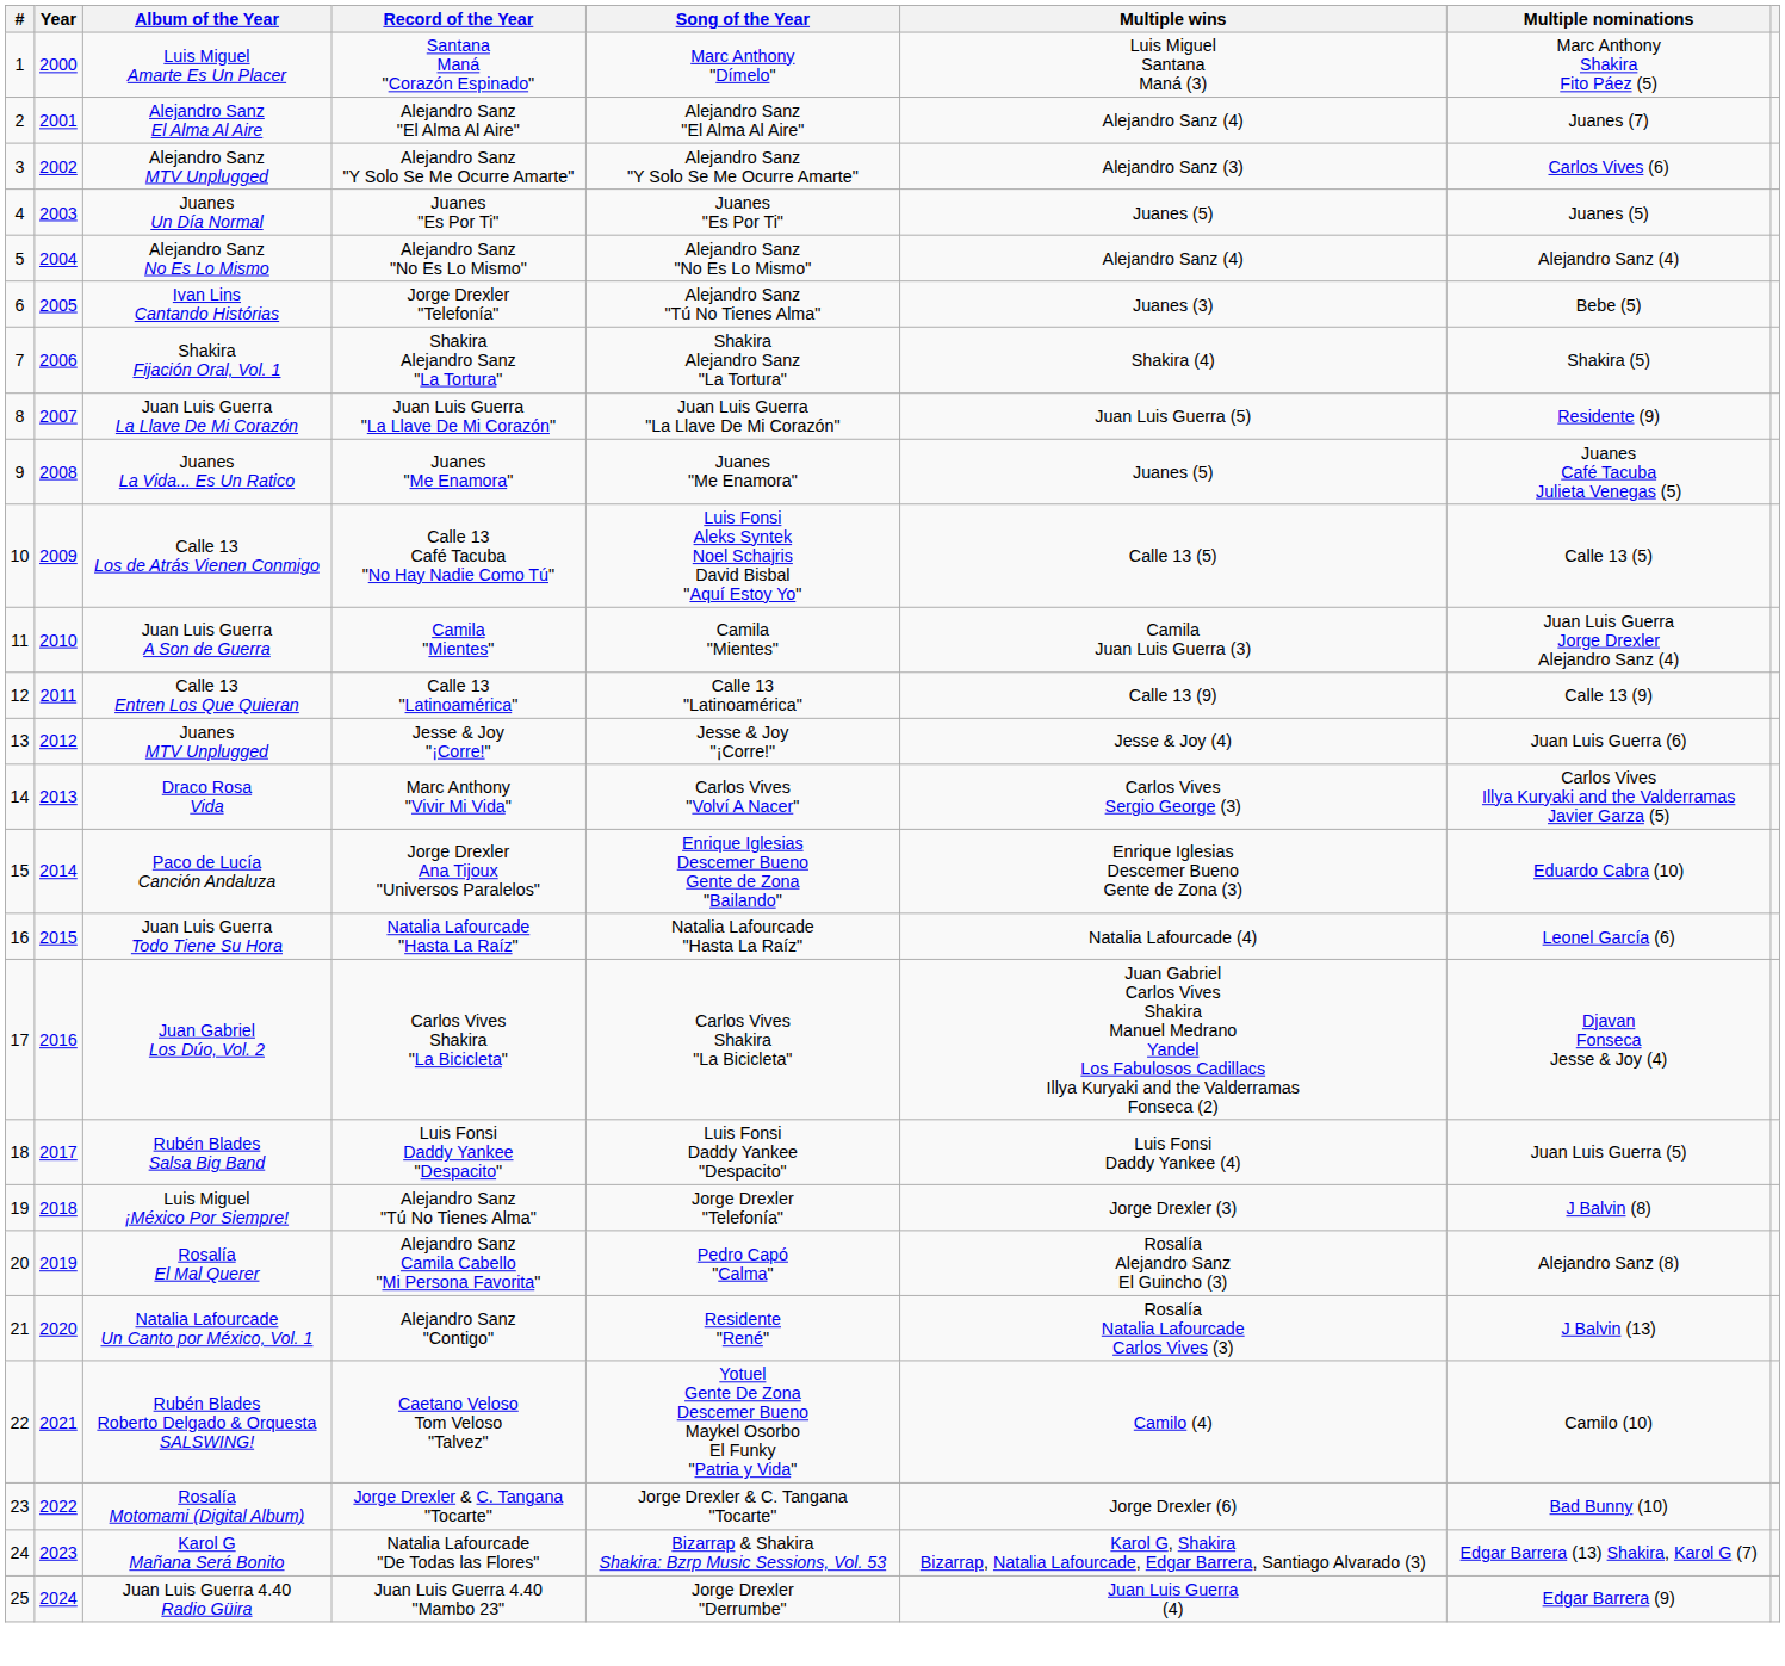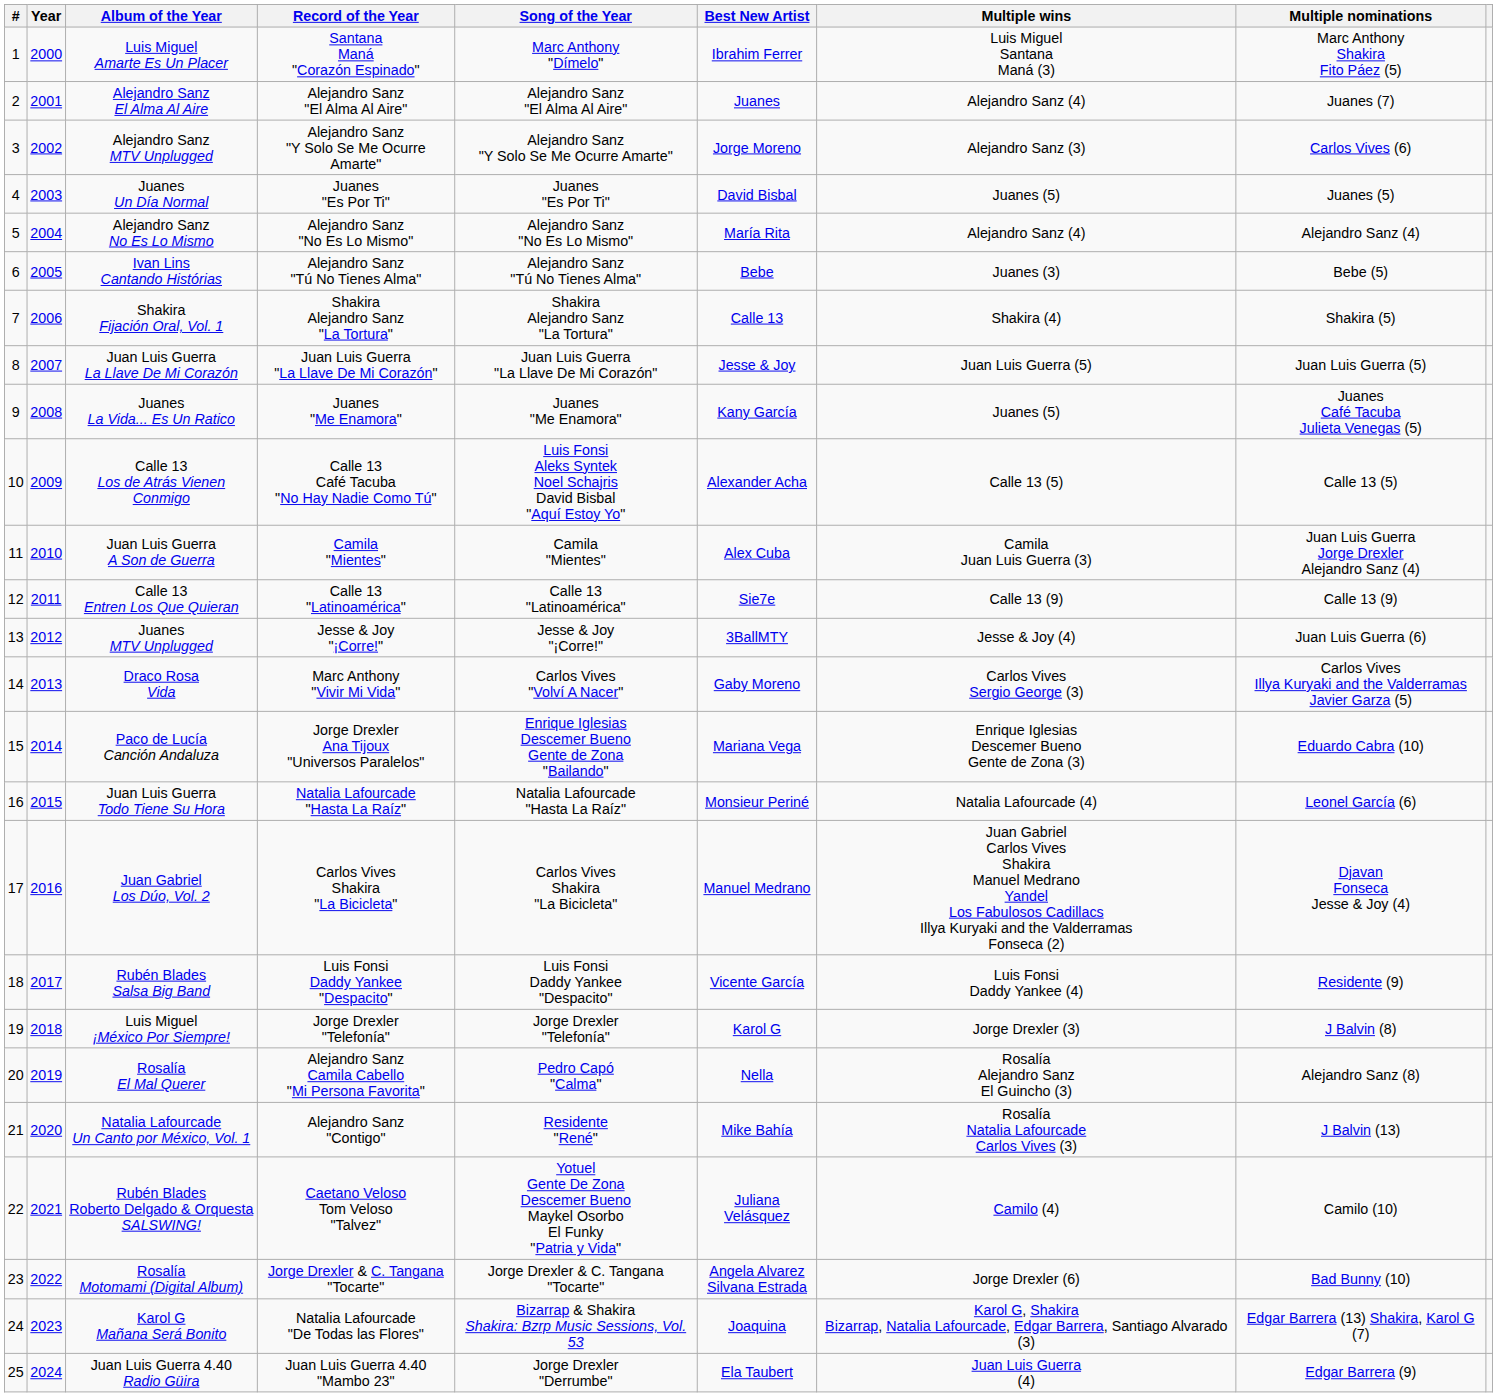 <table class="wikitable"  style="font-size:95%; width:100%; text-align:center">
 <tr>
 <th>#</th>
 <th>Year</th>
 <th><a href='#'>Album of the Year</a></th>
 <th><a href='#'>Record of the Year</a></th>
 <th><a href='#'>Song of the Year</a></th>
+<th><a href='#'>Best New Artist</a></th>
 <th>Multiple wins</th>
 <th>Multiple nominations</th>
 <th></th>
 </tr>
 <tr>
 <td>1</td>
 <td><a href='#'>2000</a></td>
 <td><a href='#'>Luis Miguel</a><br><em><a href='#'>Amarte Es Un Placer</a></em></td>
 <td><a href='#'>Santana</a><br><a href='#'>Maná</a><br>"<a href='#'>Corazón Espinado</a>"</td>
 <td><a href='#'>Marc Anthony</a><br>"<a href='#'>Dímelo</a>"</td>
+<td><a href='#'>Ibrahim Ferrer</a></td>
 <td>Luis Miguel<br>Santana<br>Maná (3)</td>
 <td>Marc Anthony<br><a href='#'>Shakira</a><br><a href='#'>Fito Páez</a> (5)</td>
 <td></td>
 </tr>
 <tr>
 <td>2</td>
 <td><a href='#'>2001</a></td>
 <td><a href='#'>Alejandro Sanz</a><br><em><a href='#'>El Alma Al Aire</a></em></td>
 <td>Alejandro Sanz<br>"El Alma Al Aire"</td>
 <td>Alejandro Sanz<br>"El Alma Al Aire"</td>
+<td><a href='#'>Juanes</a></td>
 <td>Alejandro Sanz (4)</td>
 <td>Juanes (7)</td>
 <td></td>
 </tr>
 <tr>
 <td>3</td>
 <td><a href='#'>2002</a></td>
 <td>Alejandro Sanz<br><em><a href='#'>MTV Unplugged</a></em></td>
 <td>Alejandro Sanz<br>"Y Solo Se Me Ocurre Amarte"</td>
 <td>Alejandro Sanz<br>"Y Solo Se Me Ocurre Amarte"</td>
+<td><a href='#'>Jorge Moreno</a></td>
 <td>Alejandro Sanz (3)</td>
 <td><a href='#'>Carlos Vives</a> (6)</td>
 <td></td>
 </tr>
 <tr>
 <td>4</td>
 <td><a href='#'>2003</a></td>
 <td>Juanes<br><em><a href='#'>Un Día Normal</a></em></td>
 <td>Juanes<br>"Es Por Ti"</td>
 <td>Juanes<br>"Es Por Ti"</td>
+<td><a href='#'>David Bisbal</a></td>
 <td>Juanes (5)</td>
 <td>Juanes (5)</td>
 <td></td>
 </tr>
 <tr>
 <td>5</td>
 <td><a href='#'>2004</a></td>
 <td>Alejandro Sanz<br><em><a href='#'>No Es Lo Mismo</a></em></td>
 <td>Alejandro Sanz<br>"No Es Lo Mismo"</td>
 <td>Alejandro Sanz<br>"No Es Lo Mismo"</td>
+<td><a href='#'>María Rita</a></td>
 <td>Alejandro Sanz (4)</td>
 <td>Alejandro Sanz (4)</td>
 <td></td>
 </tr>
 <tr>
 <td>6</td>
 <td><a href='#'>2005</a></td>
 <td><a href='#'>Ivan Lins</a><br><em><a href='#'>Cantando Histórias</a></em></td>
-<td>Jorge Drexler<br>"Telefonía"</td>
 <td>Alejandro Sanz<br>"Tú No Tienes Alma"</td>
+<td>Alejandro Sanz<br>"Tú No Tienes Alma"</td>
+<td><a href='#'>Bebe</a></td>
 <td>Juanes (3)</td>
 <td>Bebe (5)</td>
 <td></td>
 </tr>
 <tr>
 <td>7</td>
 <td><a href='#'>2006</a></td>
 <td>Shakira<br><em><a href='#'>Fijación Oral, Vol. 1</a></em></td>
 <td>Shakira<br>Alejandro Sanz<br>"<a href='#'>La Tortura</a>"</td>
 <td>Shakira<br>Alejandro Sanz<br>"La Tortura"</td>
+<td><a href='#'>Calle 13</a></td>
 <td>Shakira (4)</td>
 <td>Shakira (5)</td>
 <td></td>
 </tr>
 <tr>
 <td>8</td>
 <td><a href='#'>2007</a></td>
 <td>Juan Luis Guerra<br><em><a href='#'>La Llave De Mi Corazón</a></em></td>
 <td>Juan Luis Guerra<br>"<a href='#'>La Llave De Mi Corazón</a>"</td>
 <td>Juan Luis Guerra<br>"La Llave De Mi Corazón"</td>
+<td><a href='#'>Jesse & Joy</a></td>
 <td>Juan Luis Guerra (5)</td>
-<td><a href='#'>Residente</a> (9)</td>
+<td>Juan Luis Guerra (5)</td>
 <td></td>
 </tr>
 <tr>
 <td>9</td>
 <td><a href='#'>2008</a></td>
 <td>Juanes<br><em><a href='#'>La Vida... Es Un Ratico</a></em></td>
 <td>Juanes<br>"<a href='#'>Me Enamora</a>"</td>
 <td>Juanes<br>"Me Enamora"</td>
+<td><a href='#'>Kany García</a></td>
 <td>Juanes (5)</td>
 <td>Juanes<br><a href='#'>Café Tacuba</a><br><a href='#'>Julieta Venegas</a> (5)</td>
 <td></td>
 </tr>
 <tr>
 <td>10</td>
 <td><a href='#'>2009</a></td>
 <td>Calle 13<br><em><a href='#'>Los de Atrás Vienen Conmigo</a></em></td>
 <td>Calle 13<br>Café Tacuba<br>"<a href='#'>No Hay Nadie Como Tú</a>"</td>
 <td><a href='#'>Luis Fonsi</a><br><a href='#'>Aleks Syntek</a><br><a href='#'>Noel Schajris</a><br>David Bisbal<br>"<a href='#'>Aquí Estoy Yo</a>"</td>
+<td><a href='#'>Alexander Acha</a></td>
 <td>Calle 13 (5)</td>
 <td>Calle 13 (5)</td>
 <td></td>
 </tr>
 <tr>
 <td>11</td>
 <td><a href='#'>2010</a></td>
 <td>Juan Luis Guerra<br><em><a href='#'>A Son de Guerra</a></em></td>
 <td><a href='#'>Camila</a><br>"<a href='#'>Mientes</a>"</td>
 <td>Camila<br>"Mientes"</td>
+<td><a href='#'>Alex Cuba</a></td>
 <td>Camila<br>Juan Luis Guerra (3)</td>
 <td>Juan Luis Guerra<br><a href='#'>Jorge Drexler</a><br>Alejandro Sanz (4)</td>
 <td></td>
 </tr>
 <tr>
 <td>12</td>
 <td><a href='#'>2011</a></td>
 <td>Calle 13<br><em><a href='#'>Entren Los Que Quieran</a></em></td>
 <td>Calle 13<br>"<a href='#'>Latinoamérica</a>"</td>
 <td>Calle 13<br>"Latinoamérica"</td>
+<td><a href='#'>Sie7e</a></td>
 <td>Calle 13 (9)</td>
 <td>Calle 13 (9)</td>
 <td></td>
 </tr>
 <tr>
 <td>13</td>
 <td><a href='#'>2012</a></td>
 <td>Juanes<br><em><a href='#'>MTV Unplugged</a></em></td>
 <td>Jesse & Joy<br>"<a href='#'>¡Corre!</a>"</td>
 <td>Jesse & Joy<br>"¡Corre!"</td>
+<td><a href='#'>3BallMTY</a></td>
 <td>Jesse & Joy (4)</td>
 <td>Juan Luis Guerra (6)</td>
 <td></td>
 </tr>
 <tr>
 <td>14</td>
 <td><a href='#'>2013</a></td>
 <td><a href='#'>Draco Rosa</a><br><em><a href='#'>Vida</a></em></td>
 <td>Marc Anthony<br>"<a href='#'>Vivir Mi Vida</a>"</td>
 <td>Carlos Vives<br>"<a href='#'>Volví A Nacer</a>"</td>
+<td><a href='#'>Gaby Moreno</a></td>
 <td>Carlos Vives<br><a href='#'>Sergio George</a> (3)</td>
 <td>Carlos Vives<br><a href='#'>Illya Kuryaki and the Valderramas</a><br><a href='#'>Javier Garza</a> (5)</td>
 <td></td>
 </tr>
 <tr>
 <td>15</td>
 <td><a href='#'>2014</a></td>
 <td><a href='#'>Paco de Lucía</a><br><em>Canción Andaluza</em></td>
 <td>Jorge Drexler<br><a href='#'>Ana Tijoux</a><br>"Universos Paralelos"</td>
 <td><a href='#'>Enrique Iglesias</a><br><a href='#'>Descemer Bueno</a><br><a href='#'>Gente de Zona</a><br>"<a href='#'>Bailando</a>"</td>
+<td><a href='#'>Mariana Vega</a></td>
 <td>Enrique Iglesias<br>Descemer Bueno<br>Gente de Zona (3)</td>
 <td><a href='#'>Eduardo Cabra</a> (10)</td>
 <td></td>
 </tr>
 <tr>
 <td>16</td>
 <td><a href='#'>2015</a></td>
 <td>Juan Luis Guerra<br><em><a href='#'>Todo Tiene Su Hora</a></em></td>
 <td><a href='#'>Natalia Lafourcade</a><br>"<a href='#'>Hasta La Raíz</a>"</td>
 <td>Natalia Lafourcade<br>"Hasta La Raíz"</td>
+<td><a href='#'>Monsieur Periné</a></td>
 <td>Natalia Lafourcade (4)</td>
 <td><a href='#'>Leonel García</a> (6)</td>
 <td></td>
 </tr>
 <tr>
 <td>17</td>
 <td><a href='#'>2016</a></td>
 <td><a href='#'>Juan Gabriel</a><br><em><a href='#'>Los Dúo, Vol. 2</a></em></td>
 <td>Carlos Vives<br>Shakira<br>"<a href='#'>La Bicicleta</a>"</td>
 <td>Carlos Vives<br>Shakira<br>"La Bicicleta"</td>
+<td><a href='#'>Manuel Medrano</a></td>
 <td>Juan Gabriel<br>Carlos Vives<br>Shakira<br>Manuel Medrano<br><a href='#'>Yandel</a><br><a href='#'>Los Fabulosos Cadillacs</a><br>Illya Kuryaki and the Valderramas<br>Fonseca (2)</td>
 <td><a href='#'>Djavan</a><br><a href='#'>Fonseca</a><br>Jesse & Joy (4)</td>
 <td></td>
 </tr>
 <tr>
 <td>18</td>
 <td><a href='#'>2017</a></td>
 <td><a href='#'>Rubén Blades</a><br><em><a href='#'>Salsa Big Band</a></em></td>
 <td>Luis Fonsi<br><a href='#'>Daddy Yankee</a><br>"<a href='#'>Despacito</a>"</td>
 <td>Luis Fonsi<br>Daddy Yankee<br>"Despacito"</td>
+<td><a href='#'>Vicente García</a></td>
 <td>Luis Fonsi<br>Daddy Yankee (4)</td>
-<td>Juan Luis Guerra (5)</td>
+<td><a href='#'>Residente</a> (9)</td>
 <td></td>
 </tr>
 <tr>
 <td>19</td>
 <td><a href='#'>2018</a></td>
 <td>Luis Miguel<br><em><a href='#'>¡México Por Siempre!</a></em></td>
-<td>Alejandro Sanz<br>"Tú No Tienes Alma"</td>
 <td>Jorge Drexler<br>"Telefonía"</td>
+<td>Jorge Drexler<br>"Telefonía"</td>
+<td><a href='#'>Karol G</a></td>
 <td>Jorge Drexler (3)</td>
 <td><a href='#'>J Balvin</a> (8)</td>
 <td></td>
 </tr>
 <tr>
 <td>20</td>
 <td><a href='#'>2019</a></td>
 <td><a href='#'>Rosalía</a><br><em><a href='#'>El Mal Querer</a></em></td>
 <td>Alejandro Sanz<br><a href='#'>Camila Cabello</a><br>"<a href='#'>Mi Persona Favorita</a>"</td>
 <td><a href='#'>Pedro Capó</a><br>"<a href='#'>Calma</a>"</td>
+<td><a href='#'>Nella</a></td>
 <td>Rosalía<br>Alejandro Sanz<br>El Guincho (3)</td>
 <td>Alejandro Sanz (8)</td>
 <td></td>
 </tr>
 <tr>
 <td>21</td>
 <td><a href='#'>2020</a></td>
 <td><a href='#'>Natalia Lafourcade</a><br><em><a href='#'>Un Canto por México, Vol. 1</a></em></td>
 <td>Alejandro Sanz<br>"Contigo"</td>
 <td><a href='#'>Residente</a><br>"<a href='#'>René</a>"</td>
+<td><a href='#'>Mike Bahía</a></td>
 <td>Rosalía<br><a href='#'>Natalia Lafourcade</a><br><a href='#'>Carlos Vives</a> (3)</td>
 <td><a href='#'>J Balvin</a> (13)</td>
 <td></td>
 </tr>
 <tr>
 <td>22</td>
 <td><a href='#'>2021</a></td>
 <td><a href='#'>Rubén Blades</a> <br> <a href='#'>Roberto Delgado & Orquesta</a><br><em><a href='#'>SALSWING!</a></em></td>
 <td><a href='#'>Caetano Veloso</a> <br>Tom Veloso<br>"Talvez"</td>
 <td><a href='#'>Yotuel</a><br><a href='#'>Gente De Zona</a><br><a href='#'>Descemer Bueno</a><br>Maykel Osorbo<br>El Funky<br>"<a href='#'>Patria y Vida</a>"</td>
+<td><a href='#'>Juliana Velásquez</a></td>
 <td><a href='#'>Camilo</a> (4)</td>
 <td>Camilo (10)</td>
 <td></td>
 </tr>
 <tr>
 <td>23</td>
 <td><a href='#'>2022</a></td>
 <td><a href='#'>Rosalía</a> <br> <em><a href='#'>Motomami (Digital Album)</a></em></td>
 <td><a href='#'>Jorge Drexler</a> & <a href='#'>C. Tangana</a><br>"Tocarte"</td>
 <td>Jorge Drexler & C. Tangana<br>"Tocarte"</td>
+<td><a href='#'>Angela Alvarez</a><br><a href='#'>Silvana Estrada</a></td>
 <td>Jorge Drexler (6)</td>
 <td><a href='#'>Bad Bunny</a> (10)</td>
 <td></td>
 </tr>
 <tr>
 <td>24</td>
 <td><a href='#'>2023</a></td>
 <td><a href='#'>Karol G</a> <br> <em><a href='#'>Mañana Será Bonito</a></em></td>
 <td>Natalia Lafourcade <br> "De Todas las Flores"</td>
 <td><a href='#'>Bizarrap</a> & Shakira<br><em><a href='#'>Shakira: Bzrp Music Sessions, Vol. 53</a></em></td>
+<td><a href='#'>Joaquina</a></td>
 <td><a href='#'>Karol G</a>, <a href='#'>Shakira</a><br><a href='#'>Bizarrap</a>, <a href='#'>Natalia Lafourcade</a>, <a href='#'>Edgar Barrera</a>, Santiago Alvarado (3)</td>
 <td><a href='#'>Edgar Barrera</a> (13) <a href='#'>Shakira</a>, <a href='#'>Karol G</a> (7)</td>
 <td></td>
 </tr>
 <tr>
 <td>25</td>
 <td><a href='#'>2024</a></td>
 <td>Juan Luis Guerra 4.40<br><em><a href='#'>Radio Güira</a></em></td>
 <td>Juan Luis Guerra 4.40<br>"Mambo 23"</td>
 <td>Jorge Drexler<br>"Derrumbe"</td>
+<td><a href='#'>Ela Taubert</a></td>
 <td><a href='#'>Juan Luis Guerra</a><br>(4)</td>
 <td><a href='#'>Edgar Barrera</a> (9)</td>
 <td></td>
 </tr>
 </table>
